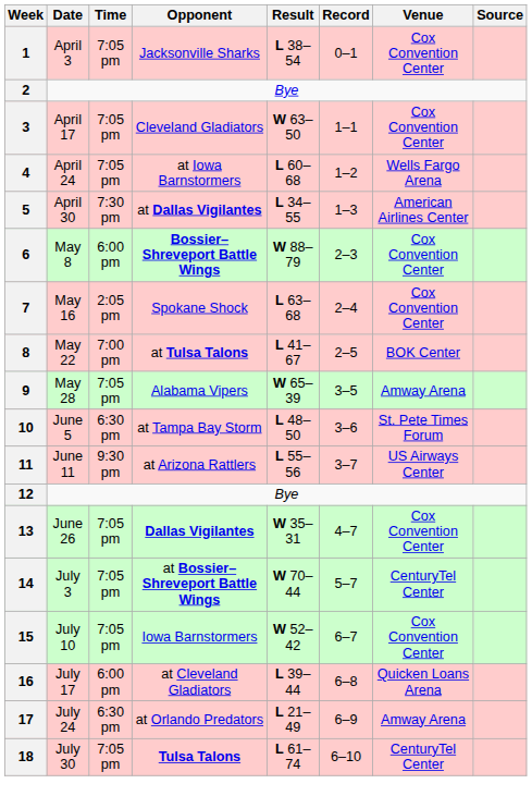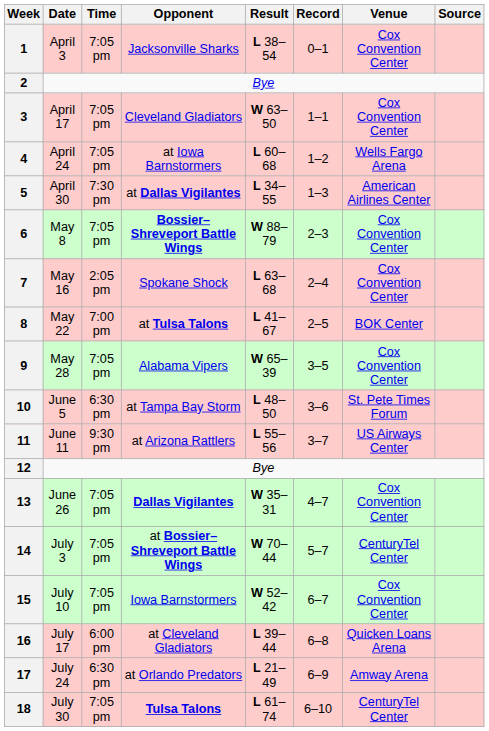 <table class="wikitable" style="text-align:center">
 <tr>
 <th>Week</th>
 <th>Date</th>
 <th>Time</th>
 <th>Opponent</th>
 <th>Result</th>
 <th>Record</th>
 <th>Venue</th>
 <th>Source</th>
 </tr>
 <tr style="background:#fcc">
 <th>1</th>
 <td>April 3</td>
 <td>7:05 pm</td>
 <td><a href='#'>Jacksonville Sharks</a></td>
 <td><strong>L</strong> 38–54</td>
 <td>0–1</td>
 <td><a href='#'>Cox Convention Center</a></td>
 <td></td>
 </tr>
 <tr>
 <th>2</th>
 <td colspan="8"><em><a href='#'>Bye</a></em></td>
 </tr>
 <tr style="background:#fcc">
 <th>3</th>
 <td>April 17</td>
 <td>7:05 pm</td>
 <td><a href='#'>Cleveland Gladiators</a></td>
 <td><strong>W</strong> 63–50</td>
 <td>1–1</td>
 <td><a href='#'>Cox Convention Center</a></td>
 <td></td>
 </tr>
 <tr style="background:#fcc">
 <th>4</th>
 <td>April 24</td>
 <td>7:05 pm</td>
 <td>at <a href='#'>Iowa Barnstormers</a></td>
 <td><strong>L</strong> 60–68</td>
 <td>1–2</td>
 <td><a href='#'>Wells Fargo Arena</a></td>
 <td></td>
 </tr>
 <tr style="background:#fcc">
 <th>5</th>
 <td>April 30</td>
 <td>7:30 pm</td>
 <td>at <strong><a href='#'>Dallas Vigilantes</a></strong></td>
 <td><strong>L</strong> 34–55</td>
 <td>1–3</td>
 <td><a href='#'>American Airlines Center</a></td>
 <td></td>
 </tr>
 <tr style="background:#cfc">
 <th>6</th>
 <td>May 8</td>
-<td>6:00 pm</td>
+<td>7:05 pm</td>
 <td><strong><a href='#'>Bossier–Shreveport Battle Wings</a></strong></td>
 <td><strong>W</strong> 88–79</td>
 <td>2–3</td>
 <td><a href='#'>Cox Convention Center</a></td>
 <td></td>
 </tr>
 <tr style="background:#fcc">
 <th>7</th>
 <td>May 16</td>
 <td>2:05 pm</td>
 <td><a href='#'>Spokane Shock</a></td>
 <td><strong>L</strong> 63–68</td>
 <td>2–4</td>
 <td><a href='#'>Cox Convention Center</a></td>
 <td></td>
 </tr>
 <tr style="background:#fcc">
 <th>8</th>
 <td>May 22</td>
 <td>7:00 pm</td>
 <td>at <strong><a href='#'>Tulsa Talons</a></strong></td>
 <td><strong>L</strong> 41–67</td>
 <td>2–5</td>
 <td><a href='#'>BOK Center</a></td>
 <td></td>
 </tr>
 <tr style="background:#cfc">
 <th>9</th>
 <td>May 28</td>
 <td>7:05 pm</td>
 <td><a href='#'>Alabama Vipers</a></td>
 <td><strong>W</strong> 65–39</td>
 <td>3–5</td>
-<td><a href='#'>Amway Arena</a></td>
+<td><a href='#'>Cox Convention Center</a></td>
 <td></td>
 </tr>
 <tr style="background:#fcc">
 <th>10</th>
 <td>June 5</td>
 <td>6:30 pm</td>
 <td>at <a href='#'>Tampa Bay Storm</a></td>
 <td><strong>L</strong> 48–50</td>
 <td>3–6</td>
 <td><a href='#'>St. Pete Times Forum</a></td>
 <td></td>
 </tr>
 <tr style="background:#fcc">
 <th>11</th>
 <td>June 11</td>
 <td>9:30 pm</td>
 <td>at <a href='#'>Arizona Rattlers</a></td>
 <td><strong>L</strong> 55–56</td>
 <td>3–7</td>
 <td><a href='#'>US Airways Center</a></td>
 <td></td>
 </tr>
 <tr>
 <th>12</th>
 <td colspan="8"><em>Bye</em></td>
 </tr>
 <tr style="background:#cfc">
 <th>13</th>
 <td>June 26</td>
 <td>7:05 pm</td>
 <td><strong><a href='#'>Dallas Vigilantes</a></strong></td>
 <td><strong>W</strong> 35–31</td>
 <td>4–7</td>
 <td><a href='#'>Cox Convention Center</a></td>
 <td></td>
 </tr>
 <tr style="background:#cfc">
 <th>14</th>
 <td>July 3</td>
 <td>7:05 pm</td>
 <td>at <strong><a href='#'>Bossier–Shreveport Battle Wings</a></strong></td>
 <td><strong>W</strong> 70–44</td>
 <td>5–7</td>
 <td><a href='#'>CenturyTel Center</a></td>
 <td></td>
 </tr>
 <tr style="background:#cfc">
 <th>15</th>
 <td>July 10</td>
 <td>7:05 pm</td>
 <td><a href='#'>Iowa Barnstormers</a></td>
 <td><strong>W</strong> 52–42</td>
 <td>6–7</td>
 <td><a href='#'>Cox Convention Center</a></td>
 <td></td>
 </tr>
 <tr style="background:#fcc">
 <th>16</th>
 <td>July 17</td>
 <td>6:00 pm</td>
 <td>at <a href='#'>Cleveland Gladiators</a></td>
 <td><strong>L</strong> 39–44</td>
 <td>6–8</td>
 <td><a href='#'>Quicken Loans Arena</a></td>
 <td></td>
 </tr>
 <tr style="background:#fcc">
 <th>17</th>
 <td>July 24</td>
 <td>6:30 pm</td>
 <td>at <a href='#'>Orlando Predators</a></td>
 <td><strong>L</strong> 21–49</td>
 <td>6–9</td>
 <td><a href='#'>Amway Arena</a></td>
 <td></td>
 </tr>
 <tr style="background:#fcc">
 <th>18</th>
 <td>July 30</td>
 <td>7:05 pm</td>
 <td><strong><a href='#'>Tulsa Talons</a></strong></td>
 <td><strong>L</strong> 61–74</td>
 <td>6–10</td>
 <td><a href='#'>CenturyTel Center</a></td>
 <td></td>
 </tr>
 </table>
